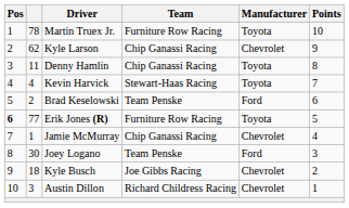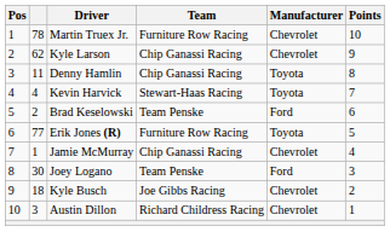 <table class="wikitable" style="font-size:98%">
 <tr>
 <th>Pos</th>
 <th></th>
 <th>Driver</th>
 <th>Team</th>
 <th>Manufacturer</th>
 <th>Points</th>
 </tr>
 <tr>
 <td>1</td>
 <td>78</td>
 <td>Martin Truex Jr.</td>
 <td>Furniture Row Racing</td>
-<td>Toyota</td>
+<td>Chevrolet</td>
 <td>10</td>
 </tr>
 <tr>
 <td>2</td>
 <td>62</td>
 <td>Kyle Larson</td>
 <td>Chip Ganassi Racing</td>
 <td>Chevrolet</td>
 <td>9</td>
 </tr>
 <tr>
 <td>3</td>
 <td>11</td>
 <td>Denny Hamlin</td>
 <td>Chip Ganassi Racing</td>
 <td>Toyota</td>
 <td>8</td>
 </tr>
 <tr>
 <td>4</td>
 <td>4</td>
 <td>Kevin Harvick</td>
 <td>Stewart-Haas Racing</td>
 <td>Toyota</td>
 <td>7</td>
 </tr>
 <tr>
 <td>5</td>
 <td>2</td>
 <td>Brad Keselowski</td>
 <td>Team Penske</td>
 <td>Ford</td>
 <td>6</td>
 </tr>
 <tr>
-<td><strong>6</strong></td>
+<td>6</td>
 <td>77</td>
 <td>Erik Jones <strong>(R)</strong></td>
 <td>Furniture Row Racing</td>
 <td>Toyota</td>
 <td>5</td>
 </tr>
 <tr>
 <td>7</td>
 <td>1</td>
 <td>Jamie McMurray</td>
 <td>Chip Ganassi Racing</td>
 <td>Chevrolet</td>
 <td>4</td>
 </tr>
 <tr>
 <td>8</td>
 <td>30</td>
 <td>Joey Logano</td>
 <td>Team Penske</td>
 <td>Ford</td>
 <td>3</td>
 </tr>
 <tr>
 <td>9</td>
 <td>18</td>
 <td>Kyle Busch</td>
 <td>Joe Gibbs Racing</td>
 <td>Chevrolet</td>
 <td>2</td>
 </tr>
 <tr>
 <td>10</td>
 <td>3</td>
 <td>Austin Dillon</td>
 <td>Richard Childress Racing</td>
 <td>Chevrolet</td>
 <td>1</td>
 </tr>
 <tr>
 <th colspan="6"></th>
 </tr>
 </table>
